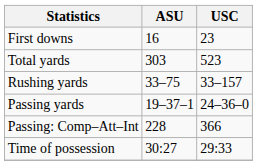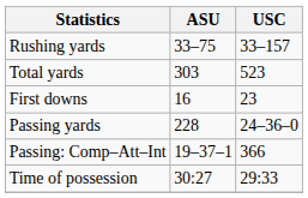 <table class="wikitable" style="float: left;">
 <tr>
 <th>Statistics</th>
 <th>ASU</th>
 <th>USC</th>
 </tr>
 <tr>
-<td>First downs</td>
-<td>16</td>
-<td>23</td>
+<td>Rushing yards</td>
+<td>33–75</td>
+<td>33–157</td>
 </tr>
 <tr>
 <td>Total yards</td>
 <td>303</td>
 <td>523</td>
 </tr>
 <tr>
-<td>Rushing yards</td>
-<td>33–75</td>
-<td>33–157</td>
+<td>First downs</td>
+<td>16</td>
+<td>23</td>
 </tr>
 <tr>
 <td>Passing yards</td>
-<td>19–37–1</td>
+<td>228</td>
 <td>24–36–0</td>
 </tr>
 <tr>
 <td>Passing: Comp–Att–Int</td>
-<td>228</td>
+<td>19–37–1</td>
 <td>366</td>
 </tr>
 <tr>
 <td>Time of possession</td>
 <td>30:27</td>
 <td>29:33</td>
 </tr>
 <tr>
 </tr>
 </table>
